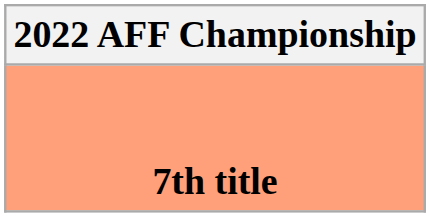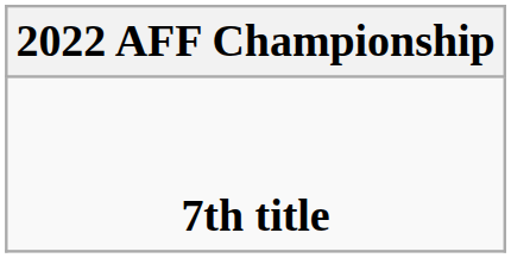 <table class="wikitable" style="text-align:center; margin:auto;">
 <tr>
 <th>2022 AFF Championship</th>
 </tr>
 <tr>
-<td style="background: lightsalmon;"><br><br><strong>7th title</strong></td>
+<td><br><br><strong>7th title</strong></td>
 </tr>
 </table>
